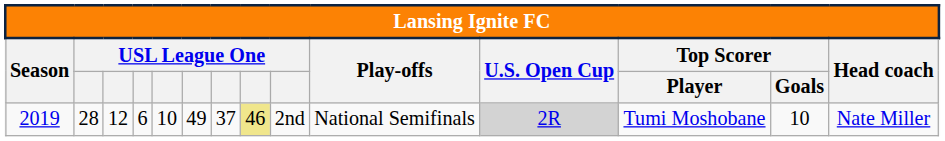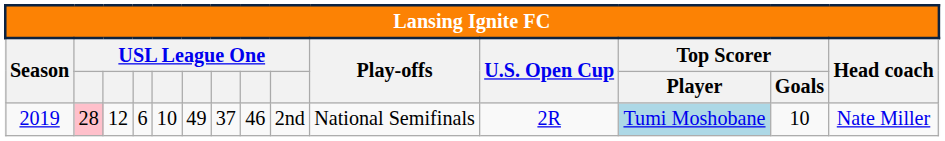 <table class="wikitable" style="text-align: center">
 <tr>
 <td rowspan="1" colspan="15" style="color:#FFFFFF; background:#FC8204; border:2px solid #0B2240;" text-align: "center;" valign="middle"><strong>Lansing Ignite FC</strong></td>
 </tr>
 <tr>
 <th scope="col" rowspan="2">Season</th>
 <th colspan=8 class="unsortable"><a href='#'>USL League One</a></th>
 <th scope="col" rowspan="2" class="unsortable">Play-offs</th>
 <th scope="col" rowspan="2" class="unsortable"><a href='#'>U.S. Open Cup</a></th>
 <th scope="col" colspan="2" class="unsortable">Top Scorer </th>
 <th scope="col" rowspan="2" class="unsortable">Head coach</th>
 </tr>
 <tr>
 <th></th>
 <th></th>
 <th></th>
 <th></th>
 <th></th>
 <th></th>
 <th></th>
 <th></th>
 <th class="unsortable">Player</th>
 <th class="unsortable">Goals</th>
 </tr>
 <tr>
 <td><a href='#'>2019</a></td>
-<td>28</td>
+<td style="background: pink;">28</td>
 <td>12</td>
 <td>6</td>
 <td>10</td>
 <td>49</td>
 <td>37</td>
-<td style="background: khaki;">46</td>
+<td>46</td>
 <td>2nd</td>
 <td>National Semifinals</td>
-<td style="background: lightgrey;"><a href='#'>2R</a></td>
-<td> <a href='#'>Tumi Moshobane</a></td>
+<td><a href='#'>2R</a></td>
+<td style="background: lightblue;"> <a href='#'>Tumi Moshobane</a></td>
 <td>10</td>
 <td> <a href='#'>Nate Miller</a></td>
 </tr>
 </table>
